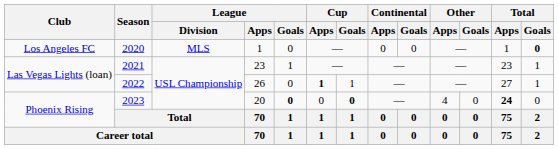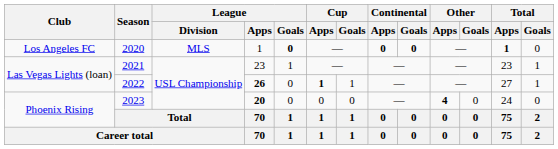 <table class=wikitable style=text-align:center>
 <tr>
 <th rowspan=2>Club</th>
 <th rowspan=2>Season</th>
 <th colspan=3>League</th>
 <th colspan=2>Cup</th>
 <th colspan=2>Continental</th>
 <th colspan=2>Other</th>
 <th colspan=2>Total</th>
 </tr>
 <tr>
 <th>Division</th>
 <th>Apps</th>
 <th>Goals</th>
 <th>Apps</th>
 <th>Goals</th>
 <th>Apps</th>
 <th>Goals</th>
 <th>Apps</th>
 <th>Goals</th>
 <th>Apps</th>
 <th>Goals</th>
 </tr>
 <tr>
 <td><a href='#'>Los Angeles FC</a></td>
 <td><a href='#'>2020</a></td>
 <td><a href='#'>MLS</a></td>
 <td>1</td>
+<td><strong>0</strong></td>
+<td colspan="2">—</td>
+<td><strong>0</strong></td>
+<td><strong>0</strong></td>
+<td colspan="2">—</td>
+<td><strong>1</strong></td>
 <td>0</td>
-<td colspan="2">—</td>
-<td>0</td>
-<td>0</td>
-<td colspan="2">—</td>
-<td>1</td>
-<td><strong>0</strong></td>
 </tr>
 <tr>
 <td rowspan="2"><a href='#'>Las Vegas Lights</a> (loan)</td>
 <td><a href='#'>2021</a></td>
 <td rowspan="3"><a href='#'>USL Championship</a></td>
 <td>23</td>
 <td>1</td>
 <td colspan="2">—</td>
 <td colspan="2">—</td>
 <td colspan="2">—</td>
 <td>23</td>
 <td>1</td>
 </tr>
 <tr>
 <td><a href='#'>2022</a></td>
-<td>26</td>
+<td><strong>26</strong></td>
 <td>0</td>
 <td><strong>1</strong></td>
 <td>1</td>
 <td colspan="2">—</td>
 <td colspan="2">—</td>
 <td>27</td>
 <td>1</td>
 </tr>
 <tr>
 <td rowspan="2"><a href='#'>Phoenix Rising</a></td>
 <td><a href='#'>2023</a></td>
-<td>20</td>
-<td><strong>0</strong></td>
+<td><strong>20</strong></td>
 <td>0</td>
-<td><strong>0</strong></td>
+<td>0</td>
+<td>0</td>
 <td colspan="2">—</td>
-<td>4</td>
+<td><strong>4</strong></td>
 <td>0</td>
-<td><strong>24</strong></td>
+<td>24</td>
 <td>0</td>
 </tr>
 <tr>
 <th colspan="2">Total</th>
 <th>70</th>
 <th>1</th>
 <th>1</th>
 <th>1</th>
 <th>0</th>
 <th>0</th>
 <th>0</th>
 <th>0</th>
 <th>75</th>
 <th>2</th>
 </tr>
 <tr>
 <th colspan=3>Career total</th>
 <th>70</th>
 <th>1</th>
 <th>1</th>
 <th>1</th>
 <th>0</th>
 <th>0</th>
 <th>0</th>
 <th>0</th>
 <th>75</th>
 <th>2</th>
 </tr>
 </table>
